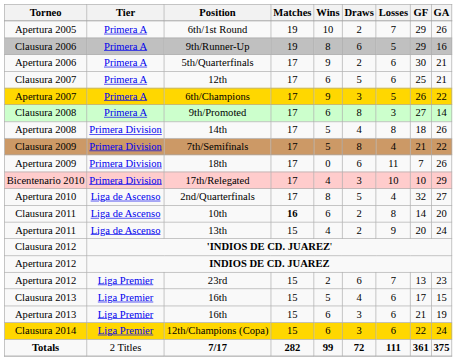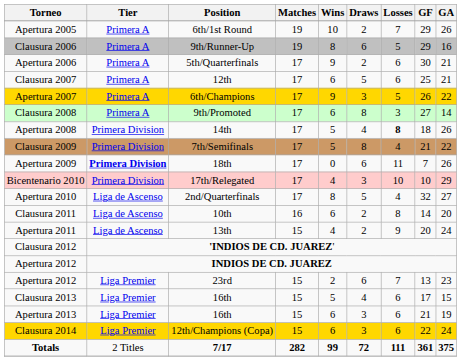 <table class=wikitable style="text-align: center;">
 <tr>
 <th>Torneo</th>
 <th>Tier</th>
 <th>Position</th>
 <th>Matches</th>
 <th>Wins</th>
 <th>Draws</th>
 <th>Losses</th>
 <th>GF</th>
 <th>GA</th>
 </tr>
 <tr>
 </tr>
 <tr>
 <td>Apertura 2005</td>
 <td><a href='#'>Primera A</a></td>
 <td>6th/1st Round</td>
 <td>19</td>
 <td>10</td>
 <td>2</td>
 <td>7</td>
 <td>29</td>
 <td>26</td>
 </tr>
 <tr bgcolor=Silver>
 <td>Clausura 2006</td>
 <td><a href='#'>Primera A</a></td>
 <td>9th/Runner-Up</td>
 <td>19</td>
 <td>8</td>
 <td>6</td>
 <td>5</td>
 <td>29</td>
 <td>16</td>
 </tr>
 <tr>
 <td>Apertura 2006</td>
 <td><a href='#'>Primera A</a></td>
 <td>5th/Quarterfinals</td>
 <td>17</td>
 <td>9</td>
 <td>2</td>
 <td>6</td>
 <td>30</td>
 <td>21</td>
 </tr>
 <tr>
 <td>Clausura 2007</td>
 <td><a href='#'>Primera A</a></td>
 <td>12th</td>
 <td>17</td>
 <td>6</td>
 <td>5</td>
 <td>6</td>
 <td>25</td>
 <td>21</td>
 </tr>
 <tr bgcolor=Gold>
 <td>Apertura 2007</td>
 <td><a href='#'>Primera A</a></td>
 <td>6th/Champions</td>
 <td>17</td>
 <td>9</td>
 <td>3</td>
 <td>5</td>
 <td>26</td>
 <td>22</td>
 </tr>
 <tr bgcolor=ccffcc>
 <td>Clausura 2008</td>
 <td><a href='#'>Primera A</a></td>
 <td>9th/Promoted</td>
 <td>17</td>
 <td>6</td>
 <td>8</td>
 <td>3</td>
 <td>27</td>
 <td>14</td>
 </tr>
 <tr>
 <td>Apertura 2008</td>
 <td><a href='#'>Primera Division</a></td>
 <td>14th</td>
 <td>17</td>
 <td>5</td>
 <td>4</td>
-<td>8</td>
+<td><strong>8</strong></td>
 <td>18</td>
 <td>26</td>
 </tr>
 <tr bgcolor=#c96>
 <td>Clausura 2009</td>
 <td><a href='#'>Primera Division</a></td>
 <td>7th/Semifinals</td>
 <td>17</td>
 <td>5</td>
 <td>8</td>
 <td>4</td>
 <td>21</td>
 <td>22</td>
 </tr>
 <tr>
 <td>Apertura 2009</td>
-<td><a href='#'>Primera Division</a></td>
+<td><strong><a href='#'>Primera Division</a></strong></td>
 <td>18th</td>
 <td>17</td>
 <td>0</td>
 <td>6</td>
 <td>11</td>
 <td>7</td>
 <td>26</td>
 </tr>
 <tr bgcolor=ffcccc>
 <td>Bicentenario 2010</td>
 <td><a href='#'>Primera Division</a></td>
 <td>17th/Relegated</td>
 <td>17</td>
 <td>4</td>
 <td>3</td>
 <td>10</td>
 <td>10</td>
 <td>29</td>
 </tr>
 <tr>
 <td>Apertura 2010</td>
 <td><a href='#'>Liga de Ascenso</a></td>
 <td>2nd/Quarterfinals</td>
 <td>17</td>
 <td>8</td>
 <td>5</td>
 <td>4</td>
 <td>32</td>
 <td>27</td>
 </tr>
 <tr>
 <td>Clausura 2011</td>
 <td><a href='#'>Liga de Ascenso</a></td>
 <td>10th</td>
-<td><strong>16</strong></td>
+<td>16</td>
 <td>6</td>
 <td>2</td>
 <td>8</td>
 <td>14</td>
 <td>20</td>
 </tr>
 <tr>
 <td>Apertura 2011</td>
 <td><a href='#'>Liga de Ascenso</a></td>
 <td>13th</td>
 <td>15</td>
 <td>4</td>
 <td>2</td>
 <td>9</td>
 <td>20</td>
 <td>24</td>
 </tr>
 <tr>
 <td>Clausura 2012</td>
 <td colspan=8><strong>'INDIOS DE CD. JUAREZ</strong>'</td>
 </tr>
 <tr>
 <td>Apertura 2012</td>
 <td colspan=8><strong>INDIOS DE CD. JUAREZ</strong></td>
 </tr>
 <tr>
 <td>Apertura 2012</td>
 <td><a href='#'>Liga Premier</a></td>
 <td>23rd</td>
 <td>15</td>
 <td>2</td>
 <td>6</td>
 <td>7</td>
 <td>13</td>
 <td>23</td>
 </tr>
 <tr>
 <td>Clausura 2013</td>
 <td><a href='#'>Liga Premier</a></td>
 <td>16th</td>
 <td>15</td>
 <td>5</td>
 <td>4</td>
 <td>6</td>
 <td>17</td>
 <td>15</td>
 </tr>
 <tr>
 <td>Apertura 2013</td>
 <td><a href='#'>Liga Premier</a></td>
 <td>16th</td>
 <td>15</td>
 <td>6</td>
 <td>3</td>
 <td>6</td>
 <td>21</td>
 <td>19</td>
 </tr>
 <tr bgcolor=Gold>
 <td>Clausura 2014</td>
 <td><a href='#'>Liga Premier</a></td>
 <td>12th/Champions (Copa)</td>
 <td>15</td>
 <td>6</td>
 <td>3</td>
 <td>6</td>
 <td>22</td>
 <td>24</td>
 </tr>
 <tr>
 <td><strong>Totals</strong></td>
 <td>2 Titles</td>
 <td><strong>7/17</strong></td>
 <td><strong>282</strong></td>
 <td><strong>99</strong></td>
 <td><strong>72</strong></td>
 <td><strong>111</strong></td>
 <td><strong>361</strong></td>
 <td><strong>375</strong></td>
 </tr>
 <tr>
 </tr>
 </table>
